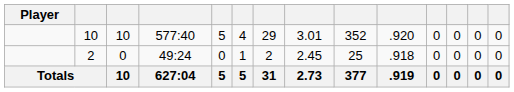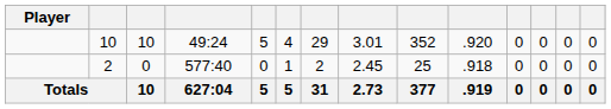 <table class="wikitable sortable" style="width:100%; text-align:center;">
 <tr style="text-align:center; background:#ddd;">
 <th>Player</th>
 <th></th>
 <th></th>
 <th></th>
 <th></th>
 <th></th>
 <th></th>
 <th></th>
 <th></th>
 <th></th>
 <th></th>
 <th></th>
 <th></th>
 <th></th>
 </tr>
 <tr>
 <td></td>
 <td>10</td>
 <td>10</td>
-<td>577:40</td>
+<td>49:24</td>
 <td>5</td>
 <td>4</td>
 <td>29</td>
 <td>3.01</td>
 <td>352</td>
 <td>.920</td>
 <td>0</td>
 <td>0</td>
 <td>0</td>
 <td>0</td>
 </tr>
 <tr>
 <td></td>
 <td>2</td>
 <td>0</td>
-<td>49:24</td>
+<td>577:40</td>
 <td>0</td>
 <td>1</td>
 <td>2</td>
 <td>2.45</td>
 <td>25</td>
 <td>.918</td>
 <td>0</td>
 <td>0</td>
 <td>0</td>
 <td>0</td>
 </tr>
 <tr class="unsortable">
 <th colspan=2>Totals</th>
 <th>10</th>
 <th>627:04</th>
 <th>5</th>
 <th>5</th>
 <th>31</th>
 <th>2.73</th>
 <th>377</th>
 <th>.919</th>
 <th>0</th>
 <th>0</th>
 <th>0</th>
 <th>0</th>
 </tr>
 </table>
